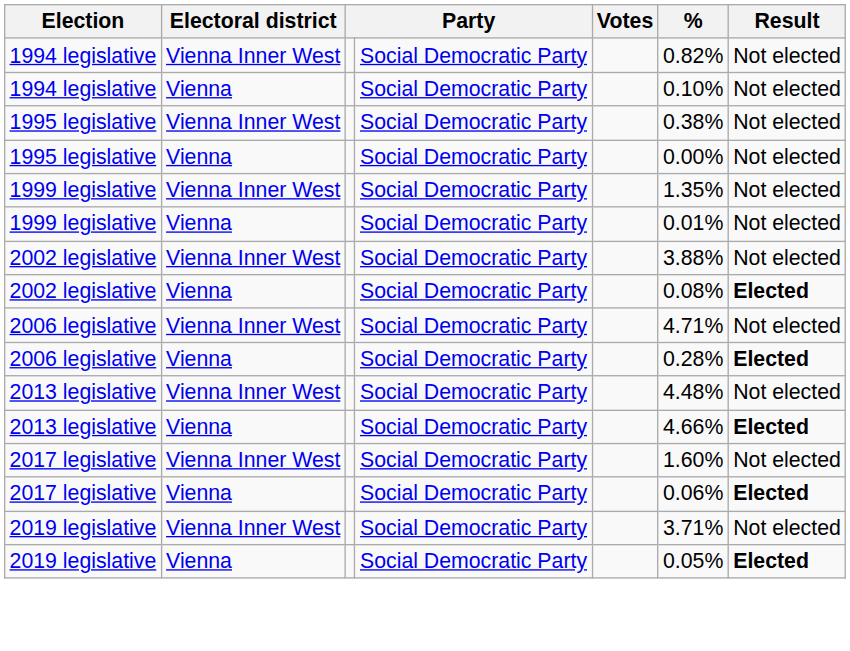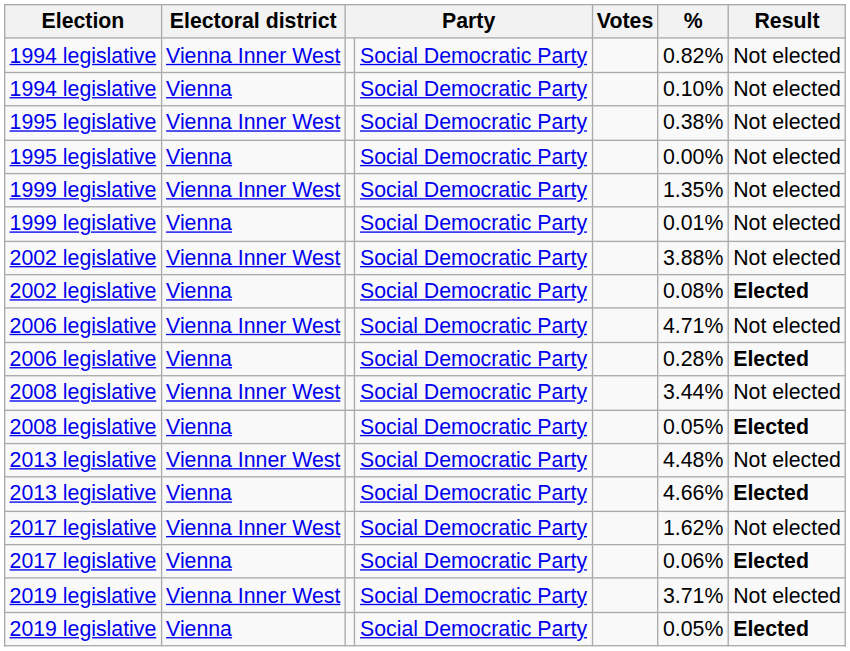 <table class="wikitable" style="text-align:left;">
 <tr>
 <th scope=col>Election</th>
 <th scope=col>Electoral district</th>
 <th scope=col colspan="2">Party</th>
 <th scope=col>Votes</th>
 <th scope=col>%</th>
 <th scope=col>Result</th>
 </tr>
 <tr>
 <td><a href='#'>1994 legislative</a></td>
 <td><a href='#'>Vienna Inner West</a></td>
 <td style="background:"></td>
 <td><a href='#'>Social Democratic Party</a></td>
 <td align=right></td>
 <td align=right>0.82%</td>
 <td>Not elected</td>
 </tr>
 <tr>
 <td><a href='#'>1994 legislative</a></td>
 <td><a href='#'>Vienna</a></td>
 <td style="background:"></td>
 <td><a href='#'>Social Democratic Party</a></td>
 <td align=right></td>
 <td align=right>0.10%</td>
 <td>Not elected</td>
 </tr>
 <tr>
 <td><a href='#'>1995 legislative</a></td>
 <td><a href='#'>Vienna Inner West</a></td>
 <td style="background:"></td>
 <td><a href='#'>Social Democratic Party</a></td>
 <td align=right></td>
 <td align=right>0.38%</td>
 <td>Not elected</td>
 </tr>
 <tr>
 <td><a href='#'>1995 legislative</a></td>
 <td><a href='#'>Vienna</a></td>
 <td style="background:"></td>
 <td><a href='#'>Social Democratic Party</a></td>
 <td align=right></td>
 <td align=right>0.00%</td>
 <td>Not elected</td>
 </tr>
 <tr>
 <td><a href='#'>1999 legislative</a></td>
 <td><a href='#'>Vienna Inner West</a></td>
 <td style="background:"></td>
 <td><a href='#'>Social Democratic Party</a></td>
 <td align=right></td>
 <td align=right>1.35%</td>
 <td>Not elected</td>
 </tr>
 <tr>
 <td><a href='#'>1999 legislative</a></td>
 <td><a href='#'>Vienna</a></td>
 <td style="background:"></td>
 <td><a href='#'>Social Democratic Party</a></td>
 <td align=right></td>
 <td align=right>0.01%</td>
 <td>Not elected</td>
 </tr>
 <tr>
 <td><a href='#'>2002 legislative</a></td>
 <td><a href='#'>Vienna Inner West</a></td>
 <td style="background:"></td>
 <td><a href='#'>Social Democratic Party</a></td>
 <td align=right></td>
 <td align=right>3.88%</td>
 <td>Not elected</td>
 </tr>
 <tr>
 <td><a href='#'>2002 legislative</a></td>
 <td><a href='#'>Vienna</a></td>
 <td style="background:"></td>
 <td><a href='#'>Social Democratic Party</a></td>
 <td align=right></td>
 <td align=right>0.08%</td>
 <td><strong>Elected</strong></td>
 </tr>
 <tr>
 <td><a href='#'>2006 legislative</a></td>
 <td><a href='#'>Vienna Inner West</a></td>
 <td style="background:"></td>
 <td><a href='#'>Social Democratic Party</a></td>
 <td align=right></td>
 <td align=right>4.71%</td>
 <td>Not elected</td>
 </tr>
 <tr>
 <td><a href='#'>2006 legislative</a></td>
 <td><a href='#'>Vienna</a></td>
 <td style="background:"></td>
 <td><a href='#'>Social Democratic Party</a></td>
 <td align=right></td>
 <td align=right>0.28%</td>
 <td><strong>Elected</strong></td>
 </tr>
 <tr>
+<td><a href='#'>2008 legislative</a></td>
+<td><a href='#'>Vienna Inner West</a></td>
+<td style="background:"></td>
+<td><a href='#'>Social Democratic Party</a></td>
+<td align=right></td>
+<td align=right>3.44%</td>
+<td>Not elected</td>
+</tr>
+<tr>
+<td><a href='#'>2008 legislative</a></td>
+<td><a href='#'>Vienna</a></td>
+<td style="background:"></td>
+<td><a href='#'>Social Democratic Party</a></td>
+<td align=right></td>
+<td align=right>0.05%</td>
+<td><strong>Elected</strong></td>
+</tr>
+<tr>
 <td><a href='#'>2013 legislative</a></td>
 <td><a href='#'>Vienna Inner West</a></td>
 <td style="background:"></td>
 <td><a href='#'>Social Democratic Party</a></td>
 <td align=right></td>
 <td align=right>4.48%</td>
 <td>Not elected</td>
 </tr>
 <tr>
 <td><a href='#'>2013 legislative</a></td>
 <td><a href='#'>Vienna</a></td>
 <td style="background:"></td>
 <td><a href='#'>Social Democratic Party</a></td>
 <td align=right></td>
 <td align=right>4.66%</td>
 <td><strong>Elected</strong></td>
 </tr>
 <tr>
 <td><a href='#'>2017 legislative</a></td>
 <td><a href='#'>Vienna Inner West</a></td>
 <td style="background:"></td>
 <td><a href='#'>Social Democratic Party</a></td>
 <td align=right></td>
-<td align=right>1.60%</td>
+<td align=right>1.62%</td>
 <td>Not elected</td>
 </tr>
 <tr>
 <td><a href='#'>2017 legislative</a></td>
 <td><a href='#'>Vienna</a></td>
 <td style="background:"></td>
 <td><a href='#'>Social Democratic Party</a></td>
 <td align=right></td>
 <td align=right>0.06%</td>
 <td><strong>Elected</strong></td>
 </tr>
 <tr>
 <td><a href='#'>2019 legislative</a></td>
 <td><a href='#'>Vienna Inner West</a></td>
 <td style="background:"></td>
 <td><a href='#'>Social Democratic Party</a></td>
 <td align=right></td>
 <td align=right>3.71%</td>
 <td>Not elected</td>
 </tr>
 <tr>
 <td><a href='#'>2019 legislative</a></td>
 <td><a href='#'>Vienna</a></td>
 <td style="background:"></td>
 <td><a href='#'>Social Democratic Party</a></td>
 <td align=right></td>
 <td align=right>0.05%</td>
 <td><strong>Elected</strong></td>
 </tr>
 </table>
